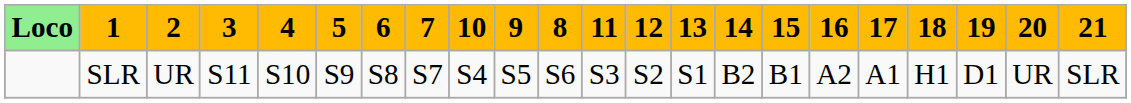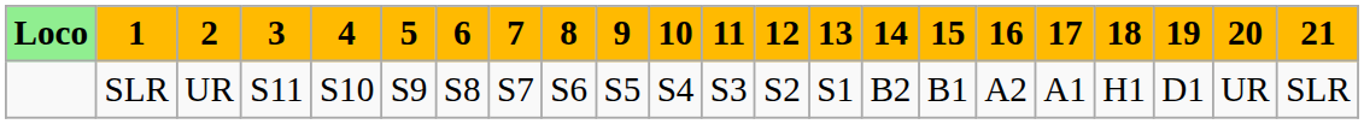 <table class="wikitable plainrowheaders unsortable" style="text-align:center">
 <tr>
 <th style="background:lightgreen;">Loco</th>
 <th style="background:#FFBA01;">1</th>
 <th style="background:#FFBA01;">2</th>
 <th style="background:#FFBA01;">3</th>
 <th style="background:#FFBA01;">4</th>
 <th style="background:#FFBA01;">5</th>
 <th style="background:#FFBA01;">6</th>
 <th style="background:#FFBA01;">7</th>
+<th style="background:#FFBA01;">8</th>
+<th style="background:#FFBA01;">9</th>
 <th style="background:#FFBA01;">10</th>
-<th style="background:#FFBA01;">9</th>
-<th style="background:#FFBA01;">8</th>
 <th style="background:#FFBA01;">11</th>
 <th style="background:#FFBA01;">12</th>
 <th style="background:#FFBA01;">13</th>
 <th style="background:#FFBA01;">14</th>
 <th style="background:#FFBA01;">15</th>
 <th style="background:#FFBA01;">16</th>
 <th style="background:#FFBA01;">17</th>
 <th style="background:#FFBA01;">18</th>
 <th style="background:#FFBA01;">19</th>
 <th style="background:#FFBA01;">20</th>
 <th style="background:#FFBA01;">21</th>
 </tr>
 <tr>
 <td></td>
 <td>SLR</td>
 <td>UR</td>
 <td>S11</td>
 <td>S10</td>
 <td>S9</td>
 <td>S8</td>
 <td>S7</td>
+<td>S6</td>
+<td>S5</td>
 <td>S4</td>
-<td>S5</td>
-<td>S6</td>
 <td>S3</td>
 <td>S2</td>
 <td>S1</td>
 <td>B2</td>
 <td>B1</td>
 <td>A2</td>
 <td>A1</td>
 <td>H1</td>
 <td>D1</td>
 <td>UR</td>
 <td>SLR</td>
 </tr>
 </table>
